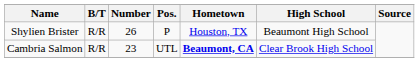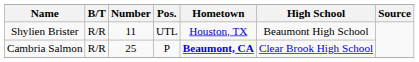 <table class="wikitable sortable collapsible">
 <tr>
 </tr>
 <tr>
 <th style="text-align:center; ">Name</th>
 <th style="text-align:center; ">B/T</th>
 <th style="text-align:center; ">Number</th>
 <th style="text-align:center; ">Pos.</th>
 <th style="text-align:center; ">Hometown</th>
 <th style="text-align:center; ">High School</th>
 <th style="text-align:center; ">Source</th>
 </tr>
 <tr align="center">
 <td>Shylien Brister</td>
 <td>R/R</td>
-<td>26</td>
-<td>P</td>
+<td>11</td>
+<td>UTL</td>
 <td><a href='#'>Houston, TX</a></td>
 <td>Beaumont High School</td>
 <td rowspan="2"></td>
 </tr>
 <tr align="center">
 <td>Cambria Salmon</td>
 <td>R/R</td>
-<td>23</td>
-<td>UTL</td>
+<td>25</td>
+<td>P</td>
 <td><strong><a href='#'>Beaumont, CA</a></strong></td>
 <td><a href='#'>Clear Brook High School</a></td>
 </tr>
 <tr>
 </tr>
 </table>
